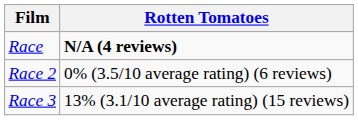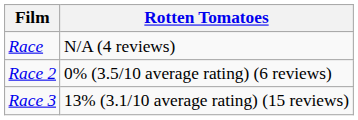 <table class="wikitable sortable">
 <tr>
 <th>Film</th>
 <th><a href='#'>Rotten Tomatoes</a></th>
 </tr>
 <tr>
 <td><em><a href='#'>Race</a></em></td>
-<td><strong>N/A (4 reviews)</strong></td>
+<td>N/A (4 reviews)</td>
 </tr>
 <tr>
 <td><a href='#'><em>Race 2</em></a></td>
 <td>0% (3.5/10 average rating) (6 reviews)</td>
 </tr>
 <tr>
 <td><em><a href='#'>Race 3</a></em></td>
 <td>13% (3.1/10 average rating) (15 reviews)</td>
 </tr>
 </table>
